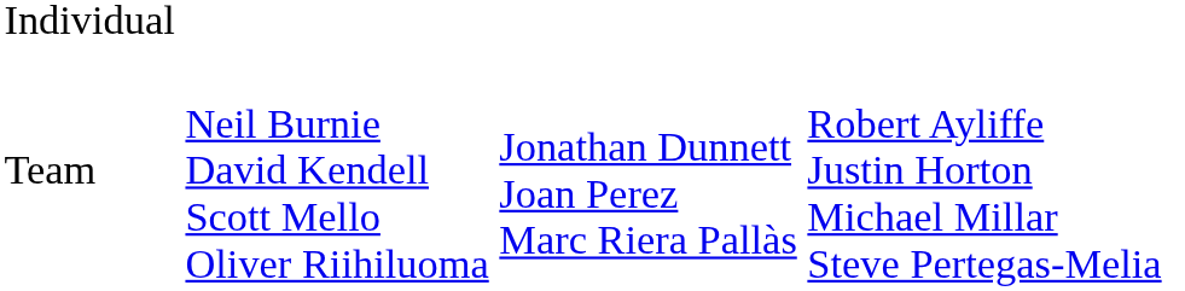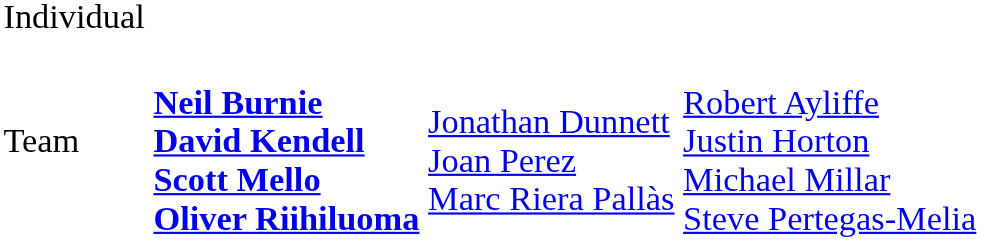 <table>
 <tr>
 <td>Individual</td>
 <td></td>
 <td></td>
 <td></td>
 </tr>
 <tr>
 <td>Team</td>
-<td><br><a href='#'>Neil Burnie</a><br><a href='#'>David Kendell</a><br><a href='#'>Scott Mello</a><br><a href='#'>Oliver Riihiluoma</a></td>
+<td><strong><br><a href='#'>Neil Burnie</a><br><a href='#'>David Kendell</a><br><a href='#'>Scott Mello</a><br><a href='#'>Oliver Riihiluoma</a></strong></td>
 <td><br><a href='#'>Jonathan Dunnett</a><br><a href='#'>Joan Perez</a><br><a href='#'>Marc Riera Pallàs</a></td>
 <td><br><a href='#'>Robert Ayliffe</a><br><a href='#'>Justin Horton</a><br><a href='#'>Michael Millar</a><br><a href='#'>Steve Pertegas-Melia</a></td>
 </tr>
 </table>
